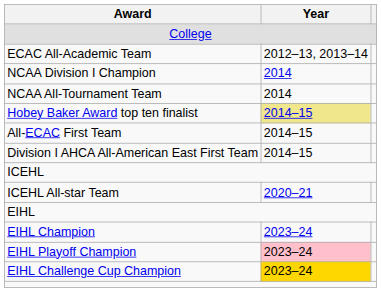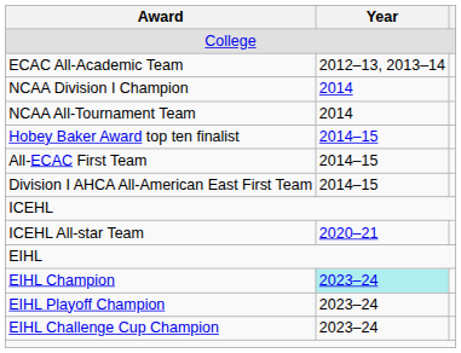 <table class="wikitable">
 <tr>
 <th>Award</th>
 <th>Year</th>
 <th></th>
 </tr>
 <tr ALIGN="center" bgcolor="#e0e0e0">
 <td colspan="3"><a href='#'>College</a></td>
 </tr>
 <tr>
 <td>ECAC All-Academic Team</td>
 <td>2012–13, 2013–14</td>
 <td></td>
 </tr>
 <tr>
 <td>NCAA Division I Champion</td>
 <td><a href='#'>2014</a></td>
 <td></td>
 </tr>
 <tr>
 <td>NCAA All-Tournament Team</td>
 <td>2014</td>
 <td></td>
 </tr>
 <tr>
 <td><a href='#'>Hobey Baker Award</a> top ten finalist</td>
-<td style="background: khaki;"><a href='#'>2014–15</a></td>
+<td><a href='#'>2014–15</a></td>
 <td></td>
 </tr>
 <tr>
 <td>All-<a href='#'>ECAC</a> First Team</td>
 <td>2014–15</td>
 <td></td>
 </tr>
 <tr>
 <td>Division I AHCA All-American East First Team</td>
 <td>2014–15</td>
 <td></td>
 </tr>
 <tr>
 <td colspan="3">ICEHL</td>
 </tr>
 <tr>
 <td>ICEHL All-star Team</td>
 <td><a href='#'>2020–21</a></td>
 <td></td>
 </tr>
 <tr>
 <td colspan="3">EIHL</td>
 </tr>
 <tr>
 <td><a href='#'>EIHL Champion</a></td>
-<td><a href='#'>2023–24</a></td>
+<td style="background: paleturquoise;"><a href='#'>2023–24</a></td>
 <td></td>
 </tr>
 <tr>
 <td><a href='#'>EIHL Playoff Champion</a></td>
-<td style="background: pink;">2023–24</td>
+<td>2023–24</td>
 <td></td>
 </tr>
 <tr>
 <td><a href='#'>EIHL Challenge Cup Champion</a></td>
-<td style="background: gold;">2023–24</td>
+<td>2023–24</td>
 <td></td>
 </tr>
 <tr>
 <td colspan="3"></td>
 </tr>
 </table>
